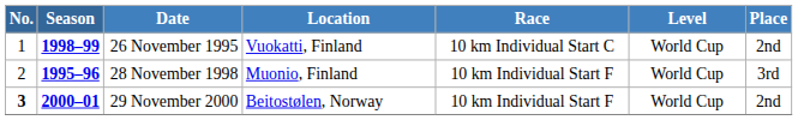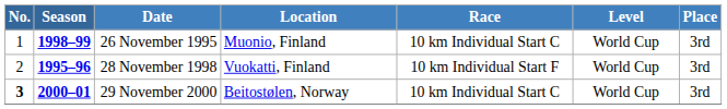 <table class="wikitable sortable" style="font-size:95%; text-align:center; border:grey solid 1px; border-collapse:collapse; background:#ffffff;">
 <tr style="background:#efefef;">
 <th style="background-color:#369; color:white;">No.</th>
 <th style="background-color:#369; color:white;">Season</th>
 <th style="background-color:#4180be; color:white; width:120px;">Date</th>
 <th style="background-color:#4180be; color:white; width:170px;">Location</th>
 <th style="background-color:#4180be; color:white; width:170px;">Race</th>
 <th style="background-color:#4180be; color:white; width:100px;">Level</th>
 <th style="background-color:#4180be; color:white;">Place</th>
 </tr>
 <tr>
 <td align=center>1</td>
 <td rowspan=1 align=center><strong><a href='#'>1998–99</a></strong></td>
 <td align=right>26 November 1995</td>
-<td align=left> <a href='#'>Vuokatti</a>, Finland</td>
+<td align=left> <a href='#'>Muonio</a>, Finland</td>
 <td>10 km Individual Start C</td>
 <td>World Cup</td>
-<td>2nd</td>
+<td>3rd</td>
 </tr>
 <tr>
 <td align=center>2</td>
 <td rowspan=1 align=center><strong><a href='#'>1995–96</a></strong></td>
 <td align=right>28 November 1998</td>
-<td align=left> <a href='#'>Muonio</a>, Finland</td>
+<td align=left> <a href='#'>Vuokatti</a>, Finland</td>
 <td>10 km Individual Start F</td>
 <td>World Cup</td>
 <td>3rd</td>
 </tr>
 <tr>
 <td align=center><strong>3</strong></td>
 <td rowspan=1 align=center><strong><a href='#'>2000–01</a></strong></td>
 <td align=right>29 November 2000</td>
 <td align=left> <a href='#'>Beitostølen</a>, Norway</td>
-<td>10 km Individual Start F</td>
+<td>10 km Individual Start C</td>
 <td>World Cup</td>
-<td>2nd</td>
+<td>3rd</td>
 </tr>
 <tr>
 </tr>
 </table>
